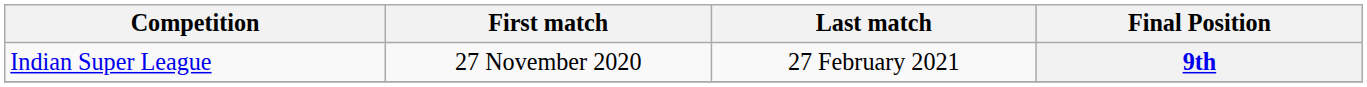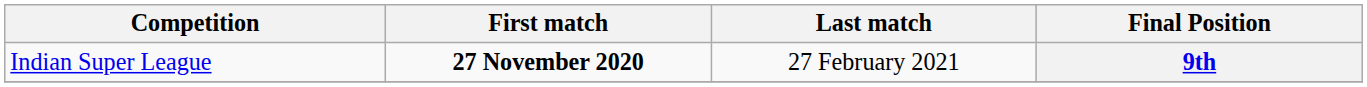 <table class="wikitable" style="text-align:center; width:900px; font-size="80%";">
 <tr>
 <th style="text-align:center; width:200px;">Competition</th>
 <th style="text-align:center; width:170px;">First match</th>
 <th style="text-align:center; width:170px;">Last match</th>
 <th style="text-align:center; width:170px;">Final Position</th>
 </tr>
 <tr>
 <td style="text-align:left;"><a href='#'>Indian Super League</a></td>
-<td>27 November 2020</td>
+<td><strong>27 November 2020</strong></td>
 <td>27 February 2021</td>
 <th><a href='#'>9th</a></th>
 </tr>
 <tr>
 </tr>
 </table>
